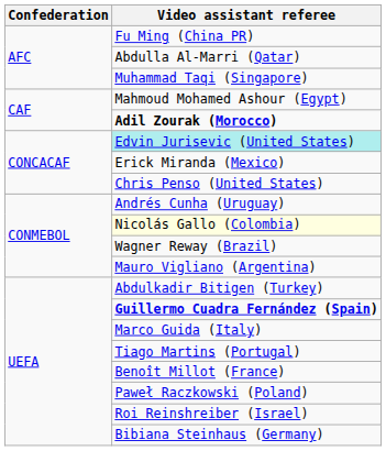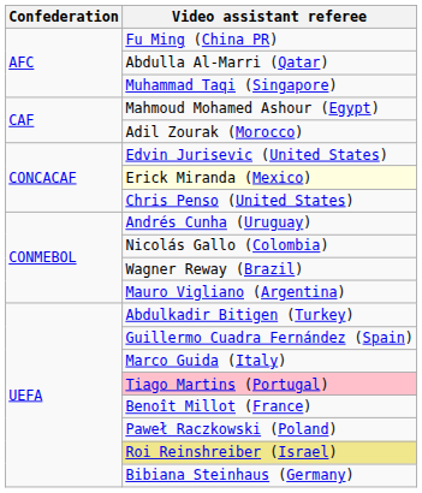 <table class="wikitable">
 <tr>
 <th>Confederation</th>
 <th>Video assistant referee</th>
 </tr>
 <tr>
 <td rowspan="3"><a href='#'>AFC</a></td>
 <td><a href='#'>Fu Ming</a> (<a href='#'>China PR</a>)</td>
 </tr>
 <tr>
 <td>Abdulla Al-Marri (<a href='#'>Qatar</a>)</td>
 </tr>
 <tr>
 <td><a href='#'>Muhammad Taqi</a> (<a href='#'>Singapore</a>)</td>
 </tr>
 <tr>
 <td rowspan="2"><a href='#'>CAF</a></td>
 <td>Mahmoud Mohamed Ashour (<a href='#'>Egypt</a>)</td>
 </tr>
 <tr>
-<td><strong>Adil Zourak (<a href='#'>Morocco</a>)</strong></td>
+<td>Adil Zourak (<a href='#'>Morocco</a>)</td>
 </tr>
 <tr>
 <td rowspan="3"><a href='#'>CONCACAF</a></td>
-<td style="background: paleturquoise;"><a href='#'>Edvin Jurisevic</a> (<a href='#'>United States</a>)</td>
+<td><a href='#'>Edvin Jurisevic</a> (<a href='#'>United States</a>)</td>
 </tr>
 <tr>
-<td>Erick Miranda (<a href='#'>Mexico</a>)</td>
+<td style="background: lightyellow;">Erick Miranda (<a href='#'>Mexico</a>)</td>
 </tr>
 <tr>
 <td><a href='#'>Chris Penso</a> (<a href='#'>United States</a>)</td>
 </tr>
 <tr>
 <td rowspan="4"><a href='#'>CONMEBOL</a></td>
 <td><a href='#'>Andrés Cunha</a> (<a href='#'>Uruguay</a>)</td>
 </tr>
 <tr>
-<td style="background: lightyellow;">Nicolás Gallo (<a href='#'>Colombia</a>)</td>
+<td>Nicolás Gallo (<a href='#'>Colombia</a>)</td>
 </tr>
 <tr>
 <td>Wagner Reway (<a href='#'>Brazil</a>)</td>
 </tr>
 <tr>
 <td><a href='#'>Mauro Vigliano</a> (<a href='#'>Argentina</a>)</td>
 </tr>
 <tr>
 <td rowspan="9"><a href='#'>UEFA</a></td>
 <td><a href='#'>Abdulkadir Bitigen</a> (<a href='#'>Turkey</a>)</td>
 </tr>
 <tr>
-<td><strong><a href='#'>Guillermo Cuadra Fernández</a> (<a href='#'>Spain</a>)</strong></td>
+<td><a href='#'>Guillermo Cuadra Fernández</a> (<a href='#'>Spain</a>)</td>
 </tr>
 <tr>
 <td><a href='#'>Marco Guida</a> (<a href='#'>Italy</a>)</td>
 </tr>
 <tr>
-<td><a href='#'>Tiago Martins</a> (<a href='#'>Portugal</a>)</td>
+<td style="background: pink;"><a href='#'>Tiago Martins</a> (<a href='#'>Portugal</a>)</td>
 </tr>
 <tr>
 <td><a href='#'>Benoît Millot</a> (<a href='#'>France</a>)</td>
 </tr>
 <tr>
 <td><a href='#'>Paweł Raczkowski</a> (<a href='#'>Poland</a>)</td>
 </tr>
 <tr>
-<td><a href='#'>Roi Reinshreiber</a> (<a href='#'>Israel</a>)</td>
+<td style="background: khaki;"><a href='#'>Roi Reinshreiber</a> (<a href='#'>Israel</a>)</td>
 </tr>
 <tr>
 <td><a href='#'>Bibiana Steinhaus</a> (<a href='#'>Germany</a>)</td>
 </tr>
 </table>
